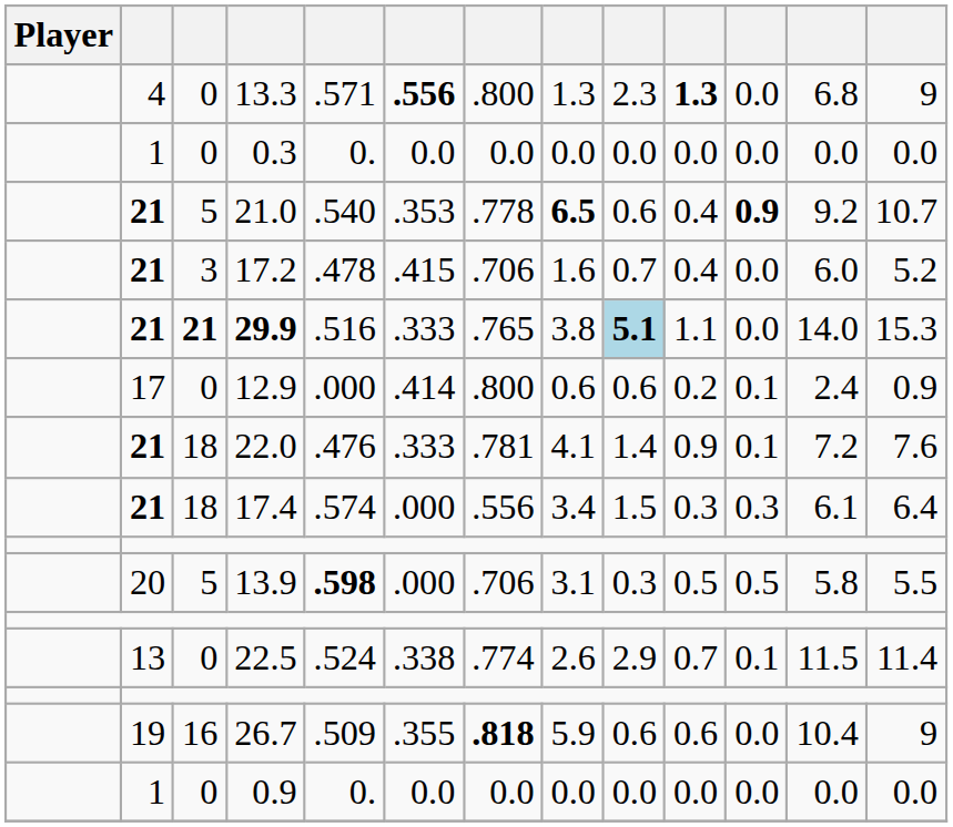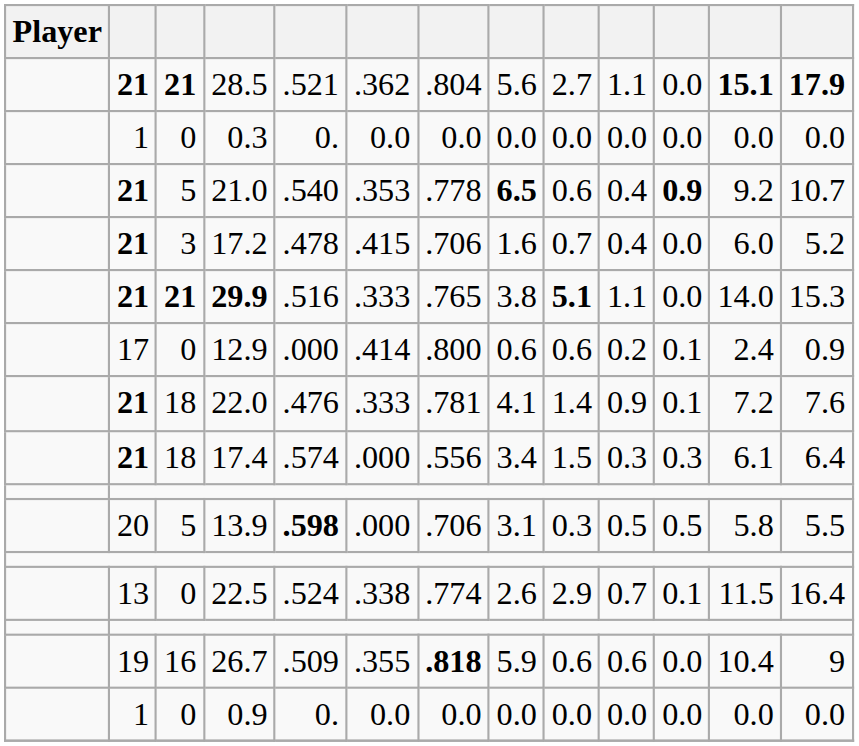 <table class="wikitable sortable" style="font-size:95%; text-align:right;">
 <tr>
 <th>Player</th>
 <th></th>
 <th></th>
 <th></th>
 <th></th>
 <th></th>
 <th></th>
 <th></th>
 <th></th>
 <th></th>
 <th></th>
 <th></th>
 <th></th>
 </tr>
 <tr>
 <td><strong></strong></td>
-<td>4</td>
-<td>0</td>
-<td>13.3</td>
-<td>.571</td>
-<td><strong>.556</strong></td>
-<td>.800</td>
-<td>1.3</td>
-<td>2.3</td>
-<td><strong>1.3</strong></td>
+<td><strong>21</strong></td>
+<td><strong>21</strong></td>
+<td>28.5</td>
+<td>.521</td>
+<td>.362</td>
+<td>.804</td>
+<td>5.6</td>
+<td>2.7</td>
+<td>1.1</td>
 <td>0.0</td>
-<td>6.8</td>
-<td>9</td>
+<td><strong>15.1</strong></td>
+<td><strong>17.9</strong></td>
 </tr>
 <tr>
 <td><strong></strong></td>
 <td>1</td>
 <td>0</td>
 <td>0.3</td>
 <td>0.</td>
 <td>0.0</td>
 <td>0.0</td>
 <td>0.0</td>
 <td>0.0</td>
 <td>0.0</td>
 <td>0.0</td>
 <td>0.0</td>
 <td>0.0</td>
 </tr>
 <tr>
 <td><strong></strong></td>
 <td><strong>21</strong></td>
 <td>5</td>
 <td>21.0</td>
 <td>.540</td>
 <td>.353</td>
 <td>.778</td>
 <td><strong>6.5</strong></td>
 <td>0.6</td>
 <td>0.4</td>
 <td><strong>0.9</strong></td>
 <td>9.2</td>
 <td>10.7</td>
 </tr>
 <tr>
 <td><strong></strong></td>
 <td><strong>21</strong></td>
 <td>3</td>
 <td>17.2</td>
 <td>.478</td>
 <td>.415</td>
 <td>.706</td>
 <td>1.6</td>
 <td>0.7</td>
 <td>0.4</td>
 <td>0.0</td>
 <td>6.0</td>
 <td>5.2</td>
 </tr>
 <tr>
 <td><strong></strong></td>
 <td><strong>21</strong></td>
 <td><strong>21</strong></td>
 <td><strong>29.9</strong></td>
 <td>.516</td>
 <td>.333</td>
 <td>.765</td>
 <td>3.8</td>
-<td style="background: lightblue;"><strong>5.1</strong></td>
+<td><strong>5.1</strong></td>
 <td>1.1</td>
 <td>0.0</td>
 <td>14.0</td>
 <td>15.3</td>
 </tr>
 <tr>
 <td><strong></strong></td>
 <td>17</td>
 <td>0</td>
 <td>12.9</td>
 <td>.000</td>
 <td>.414</td>
 <td>.800</td>
 <td>0.6</td>
 <td>0.6</td>
 <td>0.2</td>
 <td>0.1</td>
 <td>2.4</td>
 <td>0.9</td>
 </tr>
 <tr>
 <td><strong></strong></td>
 <td><strong>21</strong></td>
 <td>18</td>
 <td>22.0</td>
 <td>.476</td>
 <td>.333</td>
 <td>.781</td>
 <td>4.1</td>
 <td>1.4</td>
 <td>0.9</td>
 <td>0.1</td>
 <td>7.2</td>
 <td>7.6</td>
 </tr>
 <tr>
 <td><strong></strong></td>
 <td><strong>21</strong></td>
 <td>18</td>
 <td>17.4</td>
 <td>.574</td>
 <td>.000</td>
 <td>.556</td>
 <td>3.4</td>
 <td>1.5</td>
 <td>0.3</td>
 <td>0.3</td>
 <td>6.1</td>
 <td>6.4</td>
 </tr>
 <tr>
 <td><strong></strong></td>
 <td colspan=12 data-sort-value="-50"></td>
 </tr>
 <tr>
 <td><strong></strong></td>
 <td>20</td>
 <td>5</td>
 <td>13.9</td>
 <td><strong>.598</strong></td>
 <td>.000</td>
 <td>.706</td>
 <td>3.1</td>
 <td>0.3</td>
 <td>0.5</td>
 <td>0.5</td>
 <td>5.8</td>
 <td>5.5</td>
 </tr>
 <tr class="sortbottom">
 <td colspan=13></td>
 </tr>
 <tr>
 <td></td>
 <td>13</td>
 <td>0</td>
 <td>22.5</td>
 <td>.524</td>
 <td>.338</td>
 <td>.774</td>
 <td>2.6</td>
 <td>2.9</td>
 <td>0.7</td>
 <td>0.1</td>
 <td>11.5</td>
-<td>11.4</td>
+<td>16.4</td>
 </tr>
 <tr>
 <td><em></em></td>
 <td colspan=12 data-sort-value="-50"></td>
 </tr>
 <tr>
 <td><em></em></td>
 <td>19</td>
 <td>16</td>
 <td>26.7</td>
 <td>.509</td>
 <td>.355</td>
 <td><strong>.818</strong></td>
 <td>5.9</td>
 <td>0.6</td>
 <td>0.6</td>
 <td>0.0</td>
 <td>10.4</td>
 <td>9</td>
 </tr>
 <tr>
 <td><em></em></td>
 <td>1</td>
 <td>0</td>
 <td>0.9</td>
 <td>0.</td>
 <td>0.0</td>
 <td>0.0</td>
 <td>0.0</td>
 <td>0.0</td>
 <td>0.0</td>
 <td>0.0</td>
 <td>0.0</td>
 <td>0.0</td>
 </tr>
 <tr>
 </tr>
 </table>
